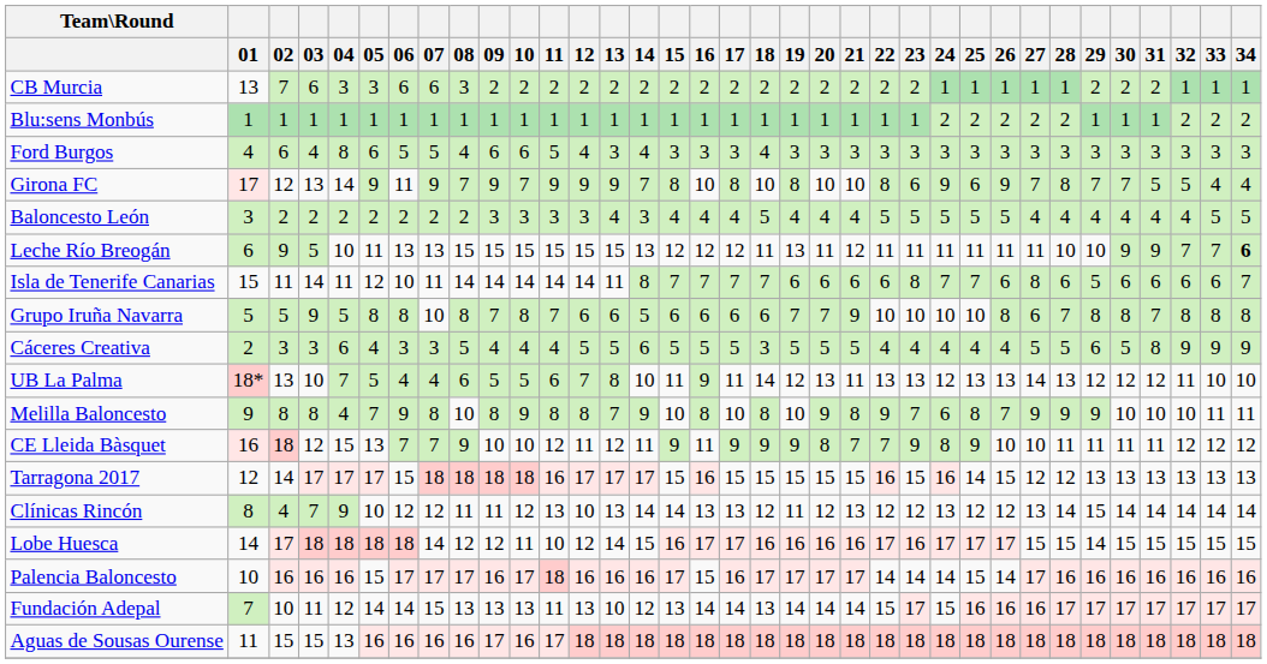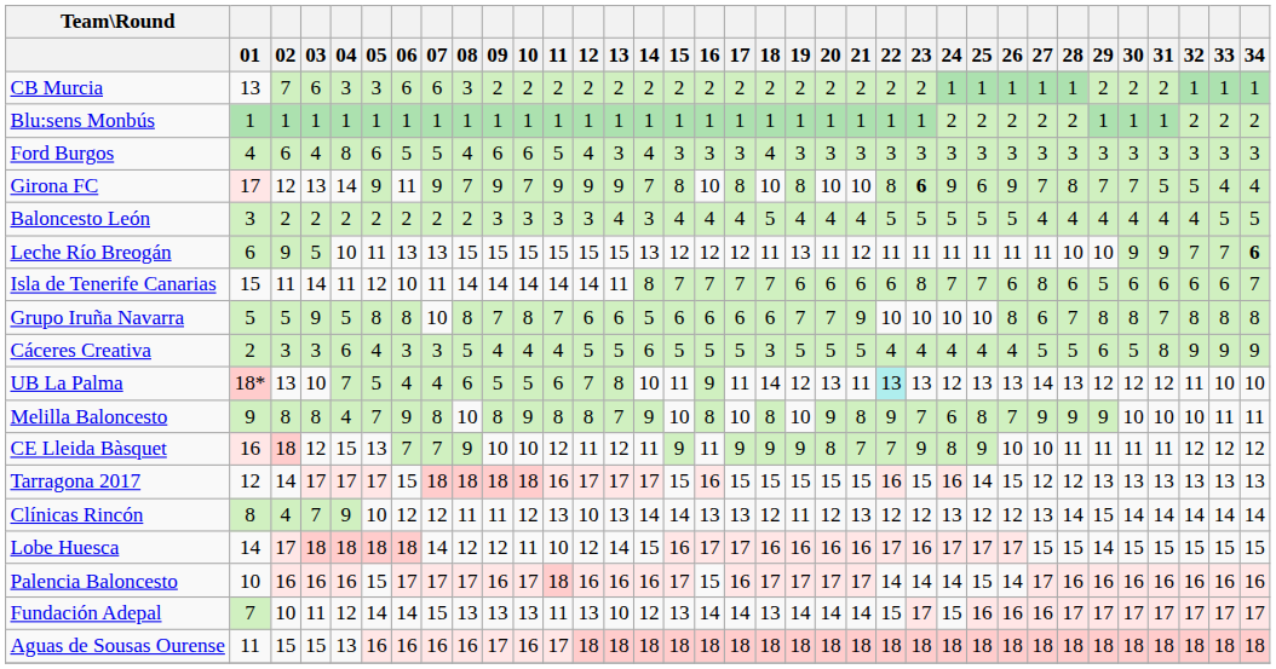 <table class="wikitable sortable" style="text-align: center;">
 <tr>
 <th>Team\Round</th>
 <th></th>
 <th></th>
 <th></th>
 <th></th>
 <th></th>
 <th></th>
 <th></th>
 <th></th>
 <th></th>
 <th></th>
 <th></th>
 <th></th>
 <th></th>
 <th></th>
 <th></th>
 <th></th>
 <th></th>
 <th></th>
 <th></th>
 <th></th>
 <th></th>
 <th></th>
 <th></th>
 <th></th>
 <th></th>
 <th></th>
 <th></th>
 <th></th>
 <th></th>
 <th></th>
 <th></th>
 <th></th>
 <th></th>
 <th></th>
 </tr>
 <tr>
 <th></th>
 <th>01</th>
 <th>02</th>
 <th>03</th>
 <th>04</th>
 <th>05</th>
 <th>06</th>
 <th>07</th>
 <th>08</th>
 <th>09</th>
 <th>10</th>
 <th>11</th>
 <th>12</th>
 <th>13</th>
 <th>14</th>
 <th>15</th>
 <th>16</th>
 <th>17</th>
 <th>18</th>
 <th>19</th>
 <th>20</th>
 <th>21</th>
 <th>22</th>
 <th>23</th>
 <th>24</th>
 <th>25</th>
 <th>26</th>
 <th>27</th>
 <th>28</th>
 <th>29</th>
 <th>30</th>
 <th>31</th>
 <th>32</th>
 <th>33</th>
 <th>34</th>
 </tr>
 <tr>
 <td align="left"><a href='#'>CB Murcia</a></td>
 <td>13</td>
 <td bgcolor=D0F0C0>7</td>
 <td bgcolor=D0F0C0>6</td>
 <td bgcolor=D0F0C0>3</td>
 <td bgcolor=D0F0C0>3</td>
 <td bgcolor=D0F0C0>6</td>
 <td bgcolor=D0F0C0>6</td>
 <td bgcolor=D0F0C0>3</td>
 <td bgcolor=D0F0C0>2</td>
 <td bgcolor=D0F0C0>2</td>
 <td bgcolor=D0F0C0>2</td>
 <td bgcolor=D0F0C0>2</td>
 <td bgcolor=D0F0C0>2</td>
 <td bgcolor=D0F0C0>2</td>
 <td bgcolor=D0F0C0>2</td>
 <td bgcolor=D0F0C0>2</td>
 <td bgcolor=D0F0C0>2</td>
 <td bgcolor=D0F0C0>2</td>
 <td bgcolor=D0F0C0>2</td>
 <td bgcolor=D0F0C0>2</td>
 <td bgcolor=D0F0C0>2</td>
 <td bgcolor=D0F0C0>2</td>
 <td bgcolor=D0F0C0>2</td>
 <td bgcolor=ACE1AF>1</td>
 <td bgcolor=ACE1AF>1</td>
 <td bgcolor=ACE1AF>1</td>
 <td bgcolor=ACE1AF>1</td>
 <td bgcolor=ACE1AF>1</td>
 <td bgcolor=D0F0C0>2</td>
 <td bgcolor=D0F0C0>2</td>
 <td bgcolor=D0F0C0>2</td>
 <td bgcolor=ACE1AF>1</td>
 <td bgcolor=ACE1AF>1</td>
 <td bgcolor=ACE1AF>1</td>
 </tr>
 <tr>
 <td align="left"><a href='#'>Blu:sens Monbús</a></td>
 <td bgcolor=ACE1AF>1</td>
 <td bgcolor=ACE1AF>1</td>
 <td bgcolor=ACE1AF>1</td>
 <td bgcolor=ACE1AF>1</td>
 <td bgcolor=ACE1AF>1</td>
 <td bgcolor=ACE1AF>1</td>
 <td bgcolor=ACE1AF>1</td>
 <td bgcolor=ACE1AF>1</td>
 <td bgcolor=ACE1AF>1</td>
 <td bgcolor=ACE1AF>1</td>
 <td bgcolor=ACE1AF>1</td>
 <td bgcolor=ACE1AF>1</td>
 <td bgcolor=ACE1AF>1</td>
 <td bgcolor=ACE1AF>1</td>
 <td bgcolor=ACE1AF>1</td>
 <td bgcolor=ACE1AF>1</td>
 <td bgcolor=ACE1AF>1</td>
 <td bgcolor=ACE1AF>1</td>
 <td bgcolor=ACE1AF>1</td>
 <td bgcolor=ACE1AF>1</td>
 <td bgcolor=ACE1AF>1</td>
 <td bgcolor=ACE1AF>1</td>
 <td bgcolor=ACE1AF>1</td>
 <td bgcolor=D0F0C0>2</td>
 <td bgcolor=D0F0C0>2</td>
 <td bgcolor=D0F0C0>2</td>
 <td bgcolor=D0F0C0>2</td>
 <td bgcolor=D0F0C0>2</td>
 <td bgcolor=ACE1AF>1</td>
 <td bgcolor=ACE1AF>1</td>
 <td bgcolor=ACE1AF>1</td>
 <td bgcolor=D0F0C0>2</td>
 <td bgcolor=D0F0C0>2</td>
 <td bgcolor=D0F0C0>2</td>
 </tr>
 <tr>
 <td align="left"><a href='#'>Ford Burgos</a></td>
 <td bgcolor=D0F0C0>4</td>
 <td bgcolor=D0F0C0>6</td>
 <td bgcolor=D0F0C0>4</td>
 <td bgcolor=D0F0C0>8</td>
 <td bgcolor=D0F0C0>6</td>
 <td bgcolor=D0F0C0>5</td>
 <td bgcolor=D0F0C0>5</td>
 <td bgcolor=D0F0C0>4</td>
 <td bgcolor=D0F0C0>6</td>
 <td bgcolor=D0F0C0>6</td>
 <td bgcolor=D0F0C0>5</td>
 <td bgcolor=D0F0C0>4</td>
 <td bgcolor=D0F0C0>3</td>
 <td bgcolor=D0F0C0>4</td>
 <td bgcolor=D0F0C0>3</td>
 <td bgcolor=D0F0C0>3</td>
 <td bgcolor=D0F0C0>3</td>
 <td bgcolor=D0F0C0>4</td>
 <td bgcolor=D0F0C0>3</td>
 <td bgcolor=D0F0C0>3</td>
 <td bgcolor=D0F0C0>3</td>
 <td bgcolor=D0F0C0>3</td>
 <td bgcolor=D0F0C0>3</td>
 <td bgcolor=D0F0C0>3</td>
 <td bgcolor=D0F0C0>3</td>
 <td bgcolor=D0F0C0>3</td>
 <td bgcolor=D0F0C0>3</td>
 <td bgcolor=D0F0C0>3</td>
 <td bgcolor=D0F0C0>3</td>
 <td bgcolor=D0F0C0>3</td>
 <td bgcolor=D0F0C0>3</td>
 <td bgcolor=D0F0C0>3</td>
 <td bgcolor=D0F0C0>3</td>
 <td bgcolor=D0F0C0>3</td>
 </tr>
 <tr>
 <td align="left"><a href='#'>Girona FC</a></td>
 <td bgcolor=FFE6E6>17</td>
 <td>12</td>
 <td>13</td>
 <td>14</td>
 <td bgcolor=D0F0C0>9</td>
 <td>11</td>
 <td bgcolor=D0F0C0>9</td>
 <td bgcolor=D0F0C0>7</td>
 <td bgcolor=D0F0C0>9</td>
 <td bgcolor=D0F0C0>7</td>
 <td bgcolor=D0F0C0>9</td>
 <td bgcolor=D0F0C0>9</td>
 <td bgcolor=D0F0C0>9</td>
 <td bgcolor=D0F0C0>7</td>
 <td bgcolor=D0F0C0>8</td>
 <td>10</td>
 <td bgcolor=D0F0C0>8</td>
 <td>10</td>
 <td bgcolor=D0F0C0>8</td>
 <td>10</td>
 <td>10</td>
 <td bgcolor=D0F0C0>8</td>
-<td bgcolor=D0F0C0>6</td>
+<td bgcolor=D0F0C0><strong>6</strong></td>
 <td bgcolor=D0F0C0>9</td>
 <td bgcolor=D0F0C0>6</td>
 <td bgcolor=D0F0C0>9</td>
 <td bgcolor=D0F0C0>7</td>
 <td bgcolor=D0F0C0>8</td>
 <td bgcolor=D0F0C0>7</td>
 <td bgcolor=D0F0C0>7</td>
 <td bgcolor=D0F0C0>5</td>
 <td bgcolor=D0F0C0>5</td>
 <td bgcolor=D0F0C0>4</td>
 <td bgcolor=D0F0C0>4</td>
 </tr>
 <tr>
 <td align="left"><a href='#'>Baloncesto León</a></td>
 <td bgcolor=D0F0C0>3</td>
 <td bgcolor=D0F0C0>2</td>
 <td bgcolor=D0F0C0>2</td>
 <td bgcolor=D0F0C0>2</td>
 <td bgcolor=D0F0C0>2</td>
 <td bgcolor=D0F0C0>2</td>
 <td bgcolor=D0F0C0>2</td>
 <td bgcolor=D0F0C0>2</td>
 <td bgcolor=D0F0C0>3</td>
 <td bgcolor=D0F0C0>3</td>
 <td bgcolor=D0F0C0>3</td>
 <td bgcolor=D0F0C0>3</td>
 <td bgcolor=D0F0C0>4</td>
 <td bgcolor=D0F0C0>3</td>
 <td bgcolor=D0F0C0>4</td>
 <td bgcolor=D0F0C0>4</td>
 <td bgcolor=D0F0C0>4</td>
 <td bgcolor=D0F0C0>5</td>
 <td bgcolor=D0F0C0>4</td>
 <td bgcolor=D0F0C0>4</td>
 <td bgcolor=D0F0C0>4</td>
 <td bgcolor=D0F0C0>5</td>
 <td bgcolor=D0F0C0>5</td>
 <td bgcolor=D0F0C0>5</td>
 <td bgcolor=D0F0C0>5</td>
 <td bgcolor=D0F0C0>5</td>
 <td bgcolor=D0F0C0>4</td>
 <td bgcolor=D0F0C0>4</td>
 <td bgcolor=D0F0C0>4</td>
 <td bgcolor=D0F0C0>4</td>
 <td bgcolor=D0F0C0>4</td>
 <td bgcolor=D0F0C0>4</td>
 <td bgcolor=D0F0C0>5</td>
 <td bgcolor=D0F0C0>5</td>
 </tr>
 <tr>
 <td align="left"><a href='#'>Leche Río Breogán</a></td>
 <td bgcolor=D0F0C0>6</td>
 <td bgcolor=D0F0C0>9</td>
 <td bgcolor=D0F0C0>5</td>
 <td>10</td>
 <td>11</td>
 <td>13</td>
 <td>13</td>
 <td>15</td>
 <td>15</td>
 <td>15</td>
 <td>15</td>
 <td>15</td>
 <td>15</td>
 <td>13</td>
 <td>12</td>
 <td>12</td>
 <td>12</td>
 <td>11</td>
 <td>13</td>
 <td>11</td>
 <td>12</td>
 <td>11</td>
 <td>11</td>
 <td>11</td>
 <td>11</td>
 <td>11</td>
 <td>11</td>
 <td>10</td>
 <td>10</td>
 <td bgcolor=D0F0C0>9</td>
 <td bgcolor=D0F0C0>9</td>
 <td bgcolor=D0F0C0>7</td>
 <td bgcolor=D0F0C0>7</td>
 <td bgcolor=D0F0C0><strong>6</strong></td>
 </tr>
 <tr>
 <td align="left"><a href='#'>Isla de Tenerife Canarias</a></td>
 <td>15</td>
 <td>11</td>
 <td>14</td>
 <td>11</td>
 <td>12</td>
 <td>10</td>
 <td>11</td>
 <td>14</td>
 <td>14</td>
 <td>14</td>
 <td>14</td>
 <td>14</td>
 <td>11</td>
 <td bgcolor=D0F0C0>8</td>
 <td bgcolor=D0F0C0>7</td>
 <td bgcolor=D0F0C0>7</td>
 <td bgcolor=D0F0C0>7</td>
 <td bgcolor=D0F0C0>7</td>
 <td bgcolor=D0F0C0>6</td>
 <td bgcolor=D0F0C0>6</td>
 <td bgcolor=D0F0C0>6</td>
 <td bgcolor=D0F0C0>6</td>
 <td bgcolor=D0F0C0>8</td>
 <td bgcolor=D0F0C0>7</td>
 <td bgcolor=D0F0C0>7</td>
 <td bgcolor=D0F0C0>6</td>
 <td bgcolor=D0F0C0>8</td>
 <td bgcolor=D0F0C0>6</td>
 <td bgcolor=D0F0C0>5</td>
 <td bgcolor=D0F0C0>6</td>
 <td bgcolor=D0F0C0>6</td>
 <td bgcolor=D0F0C0>6</td>
 <td bgcolor=D0F0C0>6</td>
 <td bgcolor=D0F0C0>7</td>
 </tr>
 <tr>
 <td align="left"><a href='#'>Grupo Iruña Navarra</a></td>
 <td bgcolor=D0F0C0>5</td>
 <td bgcolor=D0F0C0>5</td>
 <td bgcolor=D0F0C0>9</td>
 <td bgcolor=D0F0C0>5</td>
 <td bgcolor=D0F0C0>8</td>
 <td bgcolor=D0F0C0>8</td>
 <td>10</td>
 <td bgcolor=D0F0C0>8</td>
 <td bgcolor=D0F0C0>7</td>
 <td bgcolor=D0F0C0>8</td>
 <td bgcolor=D0F0C0>7</td>
 <td bgcolor=D0F0C0>6</td>
 <td bgcolor=D0F0C0>6</td>
 <td bgcolor=D0F0C0>5</td>
 <td bgcolor=D0F0C0>6</td>
 <td bgcolor=D0F0C0>6</td>
 <td bgcolor=D0F0C0>6</td>
 <td bgcolor=D0F0C0>6</td>
 <td bgcolor=D0F0C0>7</td>
 <td bgcolor=D0F0C0>7</td>
 <td bgcolor=D0F0C0>9</td>
 <td>10</td>
 <td>10</td>
 <td>10</td>
 <td>10</td>
 <td bgcolor=D0F0C0>8</td>
 <td bgcolor=D0F0C0>6</td>
 <td bgcolor=D0F0C0>7</td>
 <td bgcolor=D0F0C0>8</td>
 <td bgcolor=D0F0C0>8</td>
 <td bgcolor=D0F0C0>7</td>
 <td bgcolor=D0F0C0>8</td>
 <td bgcolor=D0F0C0>8</td>
 <td bgcolor=D0F0C0>8</td>
 </tr>
 <tr>
 <td align="left"><a href='#'>Cáceres Creativa</a></td>
 <td bgcolor=D0F0C0>2</td>
 <td bgcolor=D0F0C0>3</td>
 <td bgcolor=D0F0C0>3</td>
 <td bgcolor=D0F0C0>6</td>
 <td bgcolor=D0F0C0>4</td>
 <td bgcolor=D0F0C0>3</td>
 <td bgcolor=D0F0C0>3</td>
 <td bgcolor=D0F0C0>5</td>
 <td bgcolor=D0F0C0>4</td>
 <td bgcolor=D0F0C0>4</td>
 <td bgcolor=D0F0C0>4</td>
 <td bgcolor=D0F0C0>5</td>
 <td bgcolor=D0F0C0>5</td>
 <td bgcolor=D0F0C0>6</td>
 <td bgcolor=D0F0C0>5</td>
 <td bgcolor=D0F0C0>5</td>
 <td bgcolor=D0F0C0>5</td>
 <td bgcolor=D0F0C0>3</td>
 <td bgcolor=D0F0C0>5</td>
 <td bgcolor=D0F0C0>5</td>
 <td bgcolor=D0F0C0>5</td>
 <td bgcolor=D0F0C0>4</td>
 <td bgcolor=D0F0C0>4</td>
 <td bgcolor=D0F0C0>4</td>
 <td bgcolor=D0F0C0>4</td>
 <td bgcolor=D0F0C0>4</td>
 <td bgcolor=D0F0C0>5</td>
 <td bgcolor=D0F0C0>5</td>
 <td bgcolor=D0F0C0>6</td>
 <td bgcolor=D0F0C0>5</td>
 <td bgcolor=D0F0C0>8</td>
 <td bgcolor=D0F0C0>9</td>
 <td bgcolor=D0F0C0>9</td>
 <td bgcolor=D0F0C0>9</td>
 </tr>
 <tr>
 <td align="left"><a href='#'>UB La Palma</a></td>
 <td bgcolor=FFCCCC>18*</td>
 <td>13</td>
 <td>10</td>
 <td bgcolor=D0F0C0>7</td>
 <td bgcolor=D0F0C0>5</td>
 <td bgcolor=D0F0C0>4</td>
 <td bgcolor=D0F0C0>4</td>
 <td bgcolor=D0F0C0>6</td>
 <td bgcolor=D0F0C0>5</td>
 <td bgcolor=D0F0C0>5</td>
 <td bgcolor=D0F0C0>6</td>
 <td bgcolor=D0F0C0>7</td>
 <td bgcolor=D0F0C0>8</td>
 <td>10</td>
 <td>11</td>
 <td bgcolor=D0F0C0>9</td>
 <td>11</td>
 <td>14</td>
 <td>12</td>
 <td>13</td>
 <td>11</td>
-<td>13</td>
+<td style="background: paleturquoise;">13</td>
 <td>13</td>
 <td>12</td>
 <td>13</td>
 <td>13</td>
 <td>14</td>
 <td>13</td>
 <td>12</td>
 <td>12</td>
 <td>12</td>
 <td>11</td>
 <td>10</td>
 <td>10</td>
 </tr>
 <tr>
 <td align="left"><a href='#'>Melilla Baloncesto</a></td>
 <td bgcolor=D0F0C0>9</td>
 <td bgcolor=D0F0C0>8</td>
 <td bgcolor=D0F0C0>8</td>
 <td bgcolor=D0F0C0>4</td>
 <td bgcolor=D0F0C0>7</td>
 <td bgcolor=D0F0C0>9</td>
 <td bgcolor=D0F0C0>8</td>
 <td>10</td>
 <td bgcolor=D0F0C0>8</td>
 <td bgcolor=D0F0C0>9</td>
 <td bgcolor=D0F0C0>8</td>
 <td bgcolor=D0F0C0>8</td>
 <td bgcolor=D0F0C0>7</td>
 <td bgcolor=D0F0C0>9</td>
 <td>10</td>
 <td bgcolor=D0F0C0>8</td>
 <td>10</td>
 <td bgcolor=D0F0C0>8</td>
 <td>10</td>
 <td bgcolor=D0F0C0>9</td>
 <td bgcolor=D0F0C0>8</td>
 <td bgcolor=D0F0C0>9</td>
 <td bgcolor=D0F0C0>7</td>
 <td bgcolor=D0F0C0>6</td>
 <td bgcolor=D0F0C0>8</td>
 <td bgcolor=D0F0C0>7</td>
 <td bgcolor=D0F0C0>9</td>
 <td bgcolor=D0F0C0>9</td>
 <td bgcolor=D0F0C0>9</td>
 <td>10</td>
 <td>10</td>
 <td>10</td>
 <td>11</td>
 <td>11</td>
 </tr>
 <tr>
 <td align="left"><a href='#'>CE Lleida Bàsquet</a></td>
 <td bgcolor=FFE6E6>16</td>
 <td bgcolor=FFCCCC>18</td>
 <td>12</td>
 <td>15</td>
 <td>13</td>
 <td bgcolor=D0F0C0>7</td>
 <td bgcolor=D0F0C0>7</td>
 <td bgcolor=D0F0C0>9</td>
 <td>10</td>
 <td>10</td>
 <td>12</td>
 <td>11</td>
 <td>12</td>
 <td>11</td>
 <td bgcolor=D0F0C0>9</td>
 <td>11</td>
 <td bgcolor=D0F0C0>9</td>
 <td bgcolor=D0F0C0>9</td>
 <td bgcolor=D0F0C0>9</td>
 <td bgcolor=D0F0C0>8</td>
 <td bgcolor=D0F0C0>7</td>
 <td bgcolor=D0F0C0>7</td>
 <td bgcolor=D0F0C0>9</td>
 <td bgcolor=D0F0C0>8</td>
 <td bgcolor=D0F0C0>9</td>
 <td>10</td>
 <td>10</td>
 <td>11</td>
 <td>11</td>
 <td>11</td>
 <td>11</td>
 <td>12</td>
 <td>12</td>
 <td>12</td>
 </tr>
 <tr>
 <td align="left"><a href='#'>Tarragona 2017</a></td>
 <td>12</td>
 <td>14</td>
 <td bgcolor=FFE6E6>17</td>
 <td bgcolor=FFE6E6>17</td>
 <td bgcolor=FFE6E6>17</td>
 <td>15</td>
 <td bgcolor=FFCCCC>18</td>
 <td bgcolor=FFCCCC>18</td>
 <td bgcolor=FFCCCC>18</td>
 <td bgcolor=FFCCCC>18</td>
 <td bgcolor=FFE6E6>16</td>
 <td bgcolor=FFE6E6>17</td>
 <td bgcolor=FFE6E6>17</td>
 <td bgcolor=FFE6E6>17</td>
 <td>15</td>
 <td bgcolor=FFE6E6>16</td>
 <td>15</td>
 <td>15</td>
 <td>15</td>
 <td>15</td>
 <td>15</td>
 <td bgcolor=FFE6E6>16</td>
 <td>15</td>
 <td bgcolor=FFE6E6>16</td>
 <td>14</td>
 <td>15</td>
 <td>12</td>
 <td>12</td>
 <td>13</td>
 <td>13</td>
 <td>13</td>
 <td>13</td>
 <td>13</td>
 <td>13</td>
 </tr>
 <tr>
 <td align="left"><a href='#'>Clínicas Rincón</a></td>
 <td bgcolor=D0F0C0>8</td>
 <td bgcolor=D0F0C0>4</td>
 <td bgcolor=D0F0C0>7</td>
 <td bgcolor=D0F0C0>9</td>
 <td>10</td>
 <td>12</td>
 <td>12</td>
 <td>11</td>
 <td>11</td>
 <td>12</td>
 <td>13</td>
 <td>10</td>
 <td>13</td>
 <td>14</td>
 <td>14</td>
 <td>13</td>
 <td>13</td>
 <td>12</td>
 <td>11</td>
 <td>12</td>
 <td>13</td>
 <td>12</td>
 <td>12</td>
 <td>13</td>
 <td>12</td>
 <td>12</td>
 <td>13</td>
 <td>14</td>
 <td>15</td>
 <td>14</td>
 <td>14</td>
 <td>14</td>
 <td>14</td>
 <td>14</td>
 </tr>
 <tr>
 <td align="left"><a href='#'>Lobe Huesca</a></td>
 <td>14</td>
 <td bgcolor=FFE6E6>17</td>
 <td bgcolor=FFCCCC>18</td>
 <td bgcolor=FFCCCC>18</td>
 <td bgcolor=FFCCCC>18</td>
 <td bgcolor=FFCCCC>18</td>
 <td>14</td>
 <td>12</td>
 <td>12</td>
 <td>11</td>
 <td>10</td>
 <td>12</td>
 <td>14</td>
 <td>15</td>
 <td bgcolor=FFE6E6>16</td>
 <td bgcolor=FFE6E6>17</td>
 <td bgcolor=FFE6E6>17</td>
 <td bgcolor=FFE6E6>16</td>
 <td bgcolor=FFE6E6>16</td>
 <td bgcolor=FFE6E6>16</td>
 <td bgcolor=FFE6E6>16</td>
 <td bgcolor=FFE6E6>17</td>
 <td bgcolor=FFE6E6>16</td>
 <td bgcolor=FFE6E6>17</td>
 <td bgcolor=FFE6E6>17</td>
 <td bgcolor=FFE6E6>17</td>
 <td>15</td>
 <td>15</td>
 <td>14</td>
 <td>15</td>
 <td>15</td>
 <td>15</td>
 <td>15</td>
 <td>15</td>
 </tr>
 <tr>
 <td align="left"><a href='#'>Palencia Baloncesto</a></td>
 <td>10</td>
 <td bgcolor=FFE6E6>16</td>
 <td bgcolor=FFE6E6>16</td>
 <td bgcolor=FFE6E6>16</td>
 <td>15</td>
 <td bgcolor=FFE6E6>17</td>
 <td bgcolor=FFE6E6>17</td>
 <td bgcolor=FFE6E6>17</td>
 <td bgcolor=FFE6E6>16</td>
 <td bgcolor=FFE6E6>17</td>
 <td bgcolor=FFCCCC>18</td>
 <td bgcolor=FFE6E6>16</td>
 <td bgcolor=FFE6E6>16</td>
 <td bgcolor=FFE6E6>16</td>
 <td bgcolor=FFE6E6>17</td>
 <td>15</td>
 <td bgcolor=FFE6E6>16</td>
 <td bgcolor=FFE6E6>17</td>
 <td bgcolor=FFE6E6>17</td>
 <td bgcolor=FFE6E6>17</td>
 <td bgcolor=FFE6E6>17</td>
 <td>14</td>
 <td>14</td>
 <td>14</td>
 <td>15</td>
 <td>14</td>
 <td bgcolor=FFE6E6>17</td>
 <td bgcolor=FFE6E6>16</td>
 <td bgcolor=FFE6E6>16</td>
 <td bgcolor=FFE6E6>16</td>
 <td bgcolor=FFE6E6>16</td>
 <td bgcolor=FFE6E6>16</td>
 <td bgcolor=FFE6E6>16</td>
 <td bgcolor=FFE6E6>16</td>
 </tr>
 <tr>
 <td align="left"><a href='#'>Fundación Adepal</a></td>
 <td bgcolor=D0F0C0>7</td>
 <td>10</td>
 <td>11</td>
 <td>12</td>
 <td>14</td>
 <td>14</td>
 <td>15</td>
 <td>13</td>
 <td>13</td>
 <td>13</td>
 <td>11</td>
 <td>13</td>
 <td>10</td>
 <td>12</td>
 <td>13</td>
 <td>14</td>
 <td>14</td>
 <td>13</td>
 <td>14</td>
 <td>14</td>
 <td>14</td>
 <td>15</td>
 <td bgcolor=FFE6E6>17</td>
 <td>15</td>
 <td bgcolor=FFE6E6>16</td>
 <td bgcolor=FFE6E6>16</td>
 <td bgcolor=FFE6E6>16</td>
 <td bgcolor=FFE6E6>17</td>
 <td bgcolor=FFE6E6>17</td>
 <td bgcolor=FFE6E6>17</td>
 <td bgcolor=FFE6E6>17</td>
 <td bgcolor=FFE6E6>17</td>
 <td bgcolor=FFE6E6>17</td>
 <td bgcolor=FFE6E6>17</td>
 </tr>
 <tr>
 <td align="left"><a href='#'>Aguas de Sousas Ourense</a></td>
 <td>11</td>
 <td>15</td>
 <td>15</td>
 <td>13</td>
 <td bgcolor=FFE6E6>16</td>
 <td bgcolor=FFE6E6>16</td>
 <td bgcolor=FFE6E6>16</td>
 <td bgcolor=FFE6E6>16</td>
 <td bgcolor=FFE6E6>17</td>
 <td bgcolor=FFE6E6>16</td>
 <td bgcolor=FFE6E6>17</td>
 <td bgcolor=FFCCCC>18</td>
 <td bgcolor=FFCCCC>18</td>
 <td bgcolor=FFCCCC>18</td>
 <td bgcolor=FFCCCC>18</td>
 <td bgcolor=FFCCCC>18</td>
 <td bgcolor=FFCCCC>18</td>
 <td bgcolor=FFCCCC>18</td>
 <td bgcolor=FFCCCC>18</td>
 <td bgcolor=FFCCCC>18</td>
 <td bgcolor=FFCCCC>18</td>
 <td bgcolor=FFCCCC>18</td>
 <td bgcolor=FFCCCC>18</td>
 <td bgcolor=FFCCCC>18</td>
 <td bgcolor=FFCCCC>18</td>
 <td bgcolor=FFCCCC>18</td>
 <td bgcolor=FFCCCC>18</td>
 <td bgcolor=FFCCCC>18</td>
 <td bgcolor=FFCCCC>18</td>
 <td bgcolor=FFCCCC>18</td>
 <td bgcolor=FFCCCC>18</td>
 <td bgcolor=FFCCCC>18</td>
 <td bgcolor=FFCCCC>18</td>
 <td bgcolor=FFCCCC>18</td>
 </tr>
 <tr>
 </tr>
 </table>
